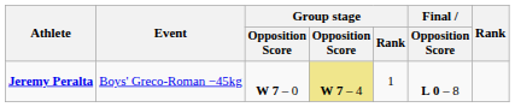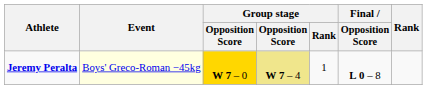 <table class="wikitable" style="font-size:90%">
 <tr>
 <th rowspan=2>Athlete</th>
 <th rowspan=2>Event</th>
 <th colspan=3>Group stage</th>
 <th>Final / </th>
 <th rowspan=2>Rank</th>
 </tr>
 <tr style="font-size:95%">
 <th>Opposition<br>Score</th>
 <th>Opposition<br>Score</th>
 <th>Rank</th>
 <th>Opposition<br>Score</th>
 </tr>
 <tr align=center>
 <td align=left><strong><a href='#'>Jeremy Peralta</a></strong></td>
-<td align=left><a href='#'>Boys' Greco-Roman −45kg</a></td>
-<td><br><strong>W</strong> <strong>7</strong> – 0 <sup></sup></td>
+<td align=left style="background: lightyellow;"><a href='#'>Boys' Greco-Roman −45kg</a></td>
+<td style="background: gold;"><br><strong>W</strong> <strong>7</strong> – 0 <sup></sup></td>
 <td style="background: khaki;"><br><strong>W</strong> <strong>7</strong> – 4 <sup></sup></td>
 <td>1 </td>
 <td><br><strong>L</strong> <strong>0</strong> – 8 <sup></sup></td>
 <td></td>
 </tr>
 </table>
